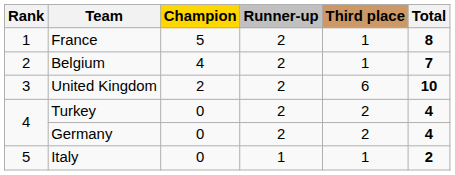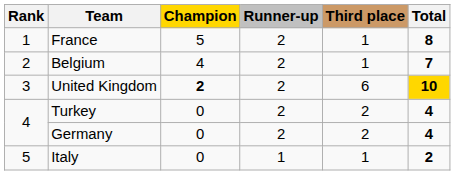 <table class="wikitable sortable" style="text-align:center;">
 <tr>
 <th>Rank</th>
 <th>Team</th>
 <th style="background:gold;">Champion</th>
 <th style="background:silver;">Runner-up</th>
 <th style="background:#c96;">Third place</th>
 <th>Total</th>
 </tr>
 <tr>
 <td>1</td>
 <td style="text-align:left;"> France</td>
 <td>5</td>
 <td>2</td>
 <td>1</td>
 <td><strong>8</strong></td>
 </tr>
 <tr>
 <td>2</td>
 <td style="text-align:left;"> Belgium</td>
 <td>4</td>
 <td>2</td>
 <td>1</td>
 <td><strong>7</strong></td>
 </tr>
 <tr>
 <td>3</td>
 <td style="text-align:left;"> United Kingdom</td>
-<td>2</td>
+<td><strong>2</strong></td>
 <td>2</td>
 <td>6</td>
-<td><strong>10</strong></td>
+<td style="background: gold;"><strong>10</strong></td>
 </tr>
 <tr>
 <td rowspan="2">4</td>
 <td style="text-align:left;"> Turkey</td>
 <td>0</td>
 <td>2</td>
 <td>2</td>
 <td><strong>4</strong></td>
 </tr>
 <tr>
 <td style="text-align:left;"> Germany</td>
 <td>0</td>
 <td>2</td>
 <td>2</td>
 <td><strong>4</strong></td>
 </tr>
 <tr>
 <td>5</td>
 <td style="text-align:left;"> Italy</td>
 <td>0</td>
 <td>1</td>
 <td>1</td>
 <td><strong>2</strong></td>
 </tr>
 </table>
